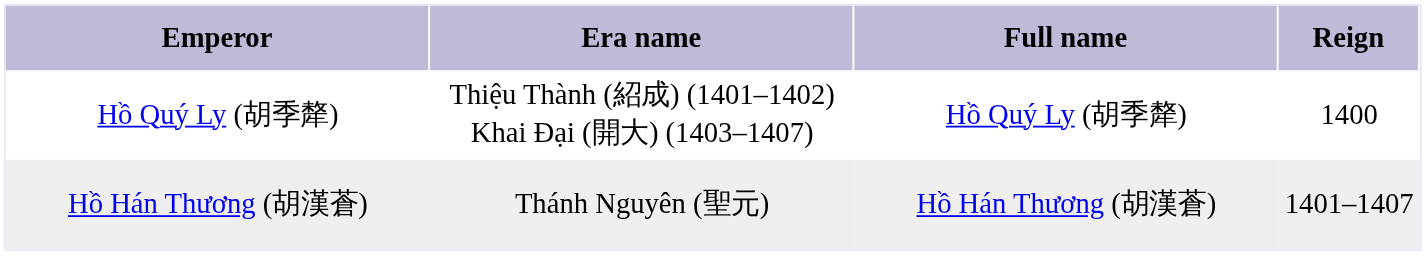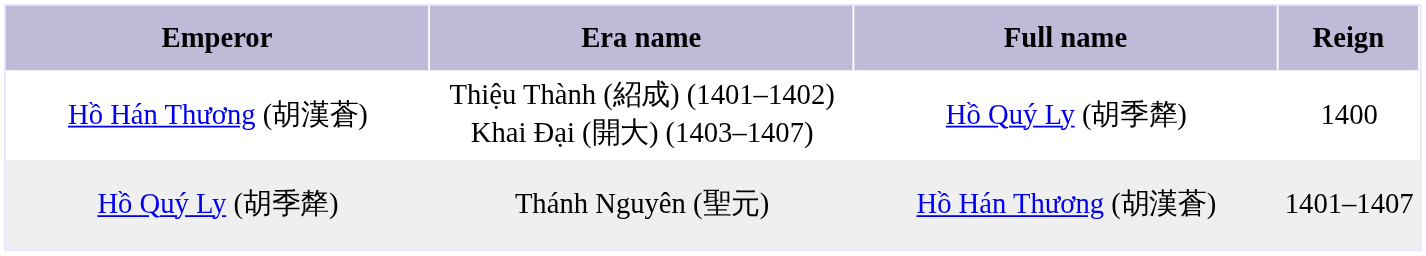 <table width=50% cellpadding=0 cellspacing=0 style="text-align: center; border: 1px solid #E6E6FA;">
 <tr bgcolor="#BDBBD7" style="height:36px;">
 <th width="30%" style="border-right: 1px solid #FFFFFF;">Emperor</th>
 <th width="30%" style="border-right: 1px solid #FFFFFF;">Era name</th>
 <th width="30%" style="border-right: 1px solid #FFFFFF;">Full name</th>
 <th width="30%" colspan="3" style="border-right: 1px solid #FFFFFF;">Reign</th>
 </tr>
 <tr style="height:50px;">
-<td><a href='#'>Hồ Quý Ly</a> (胡季犛)</td>
+<td><a href='#'>Hồ Hán Thương</a> (胡漢蒼)</td>
 <td>Thiệu Thành (紹成) (1401–1402) <br>Khai Đại (開大) (1403–1407)</td>
 <td><a href='#'>Hồ Quý Ly</a> (胡季犛)</td>
 <td>1400</td>
 </tr>
 <tr style="height:50px;" bgcolor="#EFEFEF">
-<td><a href='#'>Hồ Hán Thương</a> (胡漢蒼)</td>
+<td><a href='#'>Hồ Quý Ly</a> (胡季犛)</td>
 <td>Thánh Nguyên (聖元)</td>
 <td><a href='#'>Hồ Hán Thương</a> (胡漢蒼)</td>
 <td>1401–1407</td>
 </tr>
 </table>
